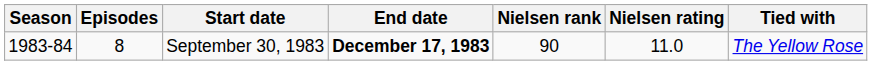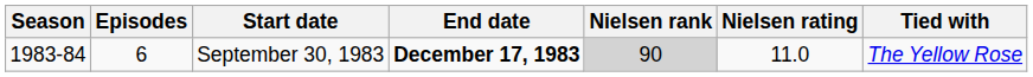 <table class="wikitable" style="text-align: center">
 <tr>
 <th>Season</th>
 <th>Episodes</th>
 <th>Start date</th>
 <th>End date</th>
 <th>Nielsen rank</th>
 <th>Nielsen rating</th>
 <th>Tied with</th>
 </tr>
 <tr>
 <td style="text-align:center">1983-84</td>
-<td style="text-align:center">8</td>
+<td style="text-align:center">6</td>
 <td style="text-align:center">September 30, 1983</td>
 <td style="text-align:center"><strong>December 17, 1983</strong></td>
-<td style="text-align:center:">90</td>
+<td style="background: lightgrey; text-align:center:">90</td>
 <td style="text-align:center">11.0</td>
 <td style="text-align:center"><em><a href='#'>The Yellow Rose</a></em></td>
 </tr>
 </table>
